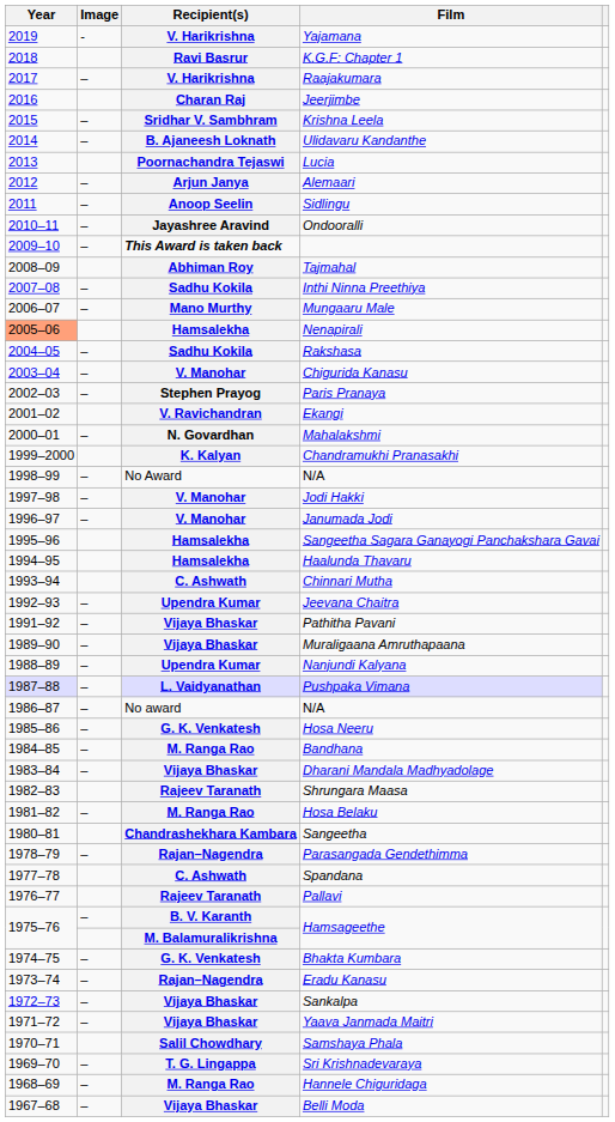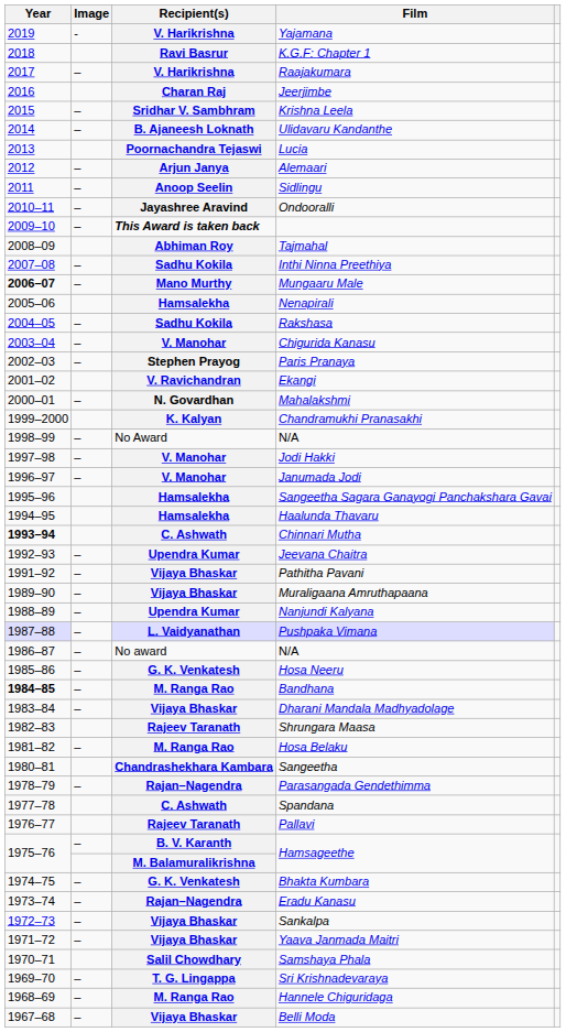 <table class="wikitable sortable">
 <tr>
 <th>Year</th>
 <th>Image</th>
 <th>Recipient(s)</th>
 <th>Film</th>
 <th class="unsortable"></th>
 </tr>
 <tr>
 <td><a href='#'>2019</a></td>
 <td>-</td>
 <th><a href='#'>V. Harikrishna</a></th>
 <td><em><a href='#'>Yajamana</a></em></td>
 <td></td>
 </tr>
 <tr>
 <td><a href='#'>2018</a></td>
 <td></td>
 <th><a href='#'>Ravi Basrur</a></th>
 <td><em><a href='#'>K.G.F: Chapter 1</a></em></td>
 <td style="text-align:center;"></td>
 </tr>
 <tr>
 <td><a href='#'>2017</a></td>
 <td>–</td>
 <th><a href='#'>V. Harikrishna</a></th>
 <td><em><a href='#'>Raajakumara</a></em></td>
 <td style="text-align:center;"></td>
 </tr>
 <tr>
 <td><a href='#'>2016</a></td>
 <td></td>
 <th><a href='#'>Charan Raj</a></th>
 <td><em><a href='#'>Jeerjimbe</a></em></td>
 <td style="text-align:center;"></td>
 </tr>
 <tr>
 <td><a href='#'>2015</a></td>
 <td>–</td>
 <th><a href='#'>Sridhar V. Sambhram</a></th>
 <td><em><a href='#'>Krishna Leela</a></em></td>
 <td style="text-align:center;"></td>
 </tr>
 <tr>
 <td><a href='#'>2014</a></td>
 <td>–</td>
 <th><a href='#'>B. Ajaneesh Loknath</a></th>
 <td><em><a href='#'>Ulidavaru Kandanthe</a></em></td>
 <td style="text-align:center;"></td>
 </tr>
 <tr>
 <td><a href='#'>2013</a></td>
 <td></td>
 <th><a href='#'>Poornachandra Tejaswi</a></th>
 <td><em><a href='#'>Lucia</a></em></td>
 <td style="text-align:center;"></td>
 </tr>
 <tr>
 <td><a href='#'>2012</a></td>
 <td>–</td>
 <th><a href='#'>Arjun Janya</a></th>
 <td><em><a href='#'>Alemaari</a></em></td>
 <td></td>
 </tr>
 <tr>
 <td><a href='#'>2011</a></td>
 <td>–</td>
 <th><a href='#'>Anoop Seelin</a></th>
 <td><em><a href='#'>Sidlingu</a></em></td>
 <td></td>
 </tr>
 <tr>
 <td><a href='#'>2010–11</a></td>
 <td>–</td>
 <th>Jayashree Aravind</th>
 <td><em>Ondooralli</em></td>
 <td></td>
 </tr>
 <tr>
 <td><a href='#'>2009–10</a></td>
 <td>–</td>
 <td><strong><em>This Award is taken back</em></strong></td>
 <td></td>
 <td></td>
 </tr>
 <tr>
 <td>2008–09</td>
 <td></td>
 <th><a href='#'>Abhiman Roy</a></th>
 <td><em><a href='#'>Tajmahal</a></em></td>
 <td></td>
 </tr>
 <tr>
 <td><a href='#'>2007–08</a></td>
 <td>–</td>
 <th><a href='#'>Sadhu Kokila</a></th>
 <td><em><a href='#'>Inthi Ninna Preethiya</a></em></td>
 <td></td>
 </tr>
 <tr>
-<td>2006–07</td>
+<td><strong>2006–07</strong></td>
 <td>–</td>
 <th><a href='#'>Mano Murthy</a></th>
 <td><em><a href='#'>Mungaaru Male</a></em></td>
 <td></td>
 </tr>
 <tr>
-<td style="background: lightsalmon;">2005–06</td>
+<td>2005–06</td>
 <td></td>
 <th><a href='#'>Hamsalekha</a></th>
 <td><em><a href='#'>Nenapirali</a></em></td>
 <td></td>
 </tr>
 <tr>
 <td><a href='#'>2004–05</a></td>
 <td>–</td>
 <th><a href='#'>Sadhu Kokila</a></th>
 <td><em><a href='#'>Rakshasa</a></em></td>
 <td></td>
 </tr>
 <tr>
 <td><a href='#'>2003–04</a></td>
 <td>–</td>
 <th><a href='#'>V. Manohar</a></th>
 <td><em><a href='#'>Chigurida Kanasu</a></em></td>
 <td></td>
 </tr>
 <tr>
 <td>2002–03</td>
 <td>–</td>
 <th>Stephen Prayog</th>
 <td><em><a href='#'>Paris Pranaya</a></em></td>
 <td></td>
 </tr>
 <tr>
 <td>2001–02</td>
 <td></td>
 <th><a href='#'>V. Ravichandran</a></th>
 <td><em><a href='#'>Ekangi</a></em></td>
 <td></td>
 </tr>
 <tr>
 <td>2000–01</td>
 <td>–</td>
 <th>N. Govardhan</th>
 <td><em><a href='#'>Mahalakshmi</a></em></td>
 <td></td>
 </tr>
 <tr>
 <td>1999–2000</td>
 <td></td>
 <th><a href='#'>K. Kalyan</a></th>
 <td><em><a href='#'>Chandramukhi Pranasakhi</a></em></td>
 <td></td>
 </tr>
 <tr>
 <td>1998–99</td>
 <td>–</td>
 <td>No Award</td>
 <td>N/A</td>
 <td></td>
 </tr>
 <tr>
 <td>1997–98</td>
 <td>–</td>
 <th><a href='#'>V. Manohar</a></th>
 <td><em><a href='#'>Jodi Hakki</a></em></td>
 <td></td>
 </tr>
 <tr>
 <td>1996–97</td>
 <td>–</td>
 <th><a href='#'>V. Manohar</a></th>
 <td><em><a href='#'>Janumada Jodi</a></em></td>
 <td></td>
 </tr>
 <tr>
 <td>1995–96</td>
 <td></td>
 <th><a href='#'>Hamsalekha</a></th>
 <td><em><a href='#'>Sangeetha Sagara Ganayogi Panchakshara Gavai</a></em></td>
 <td></td>
 </tr>
 <tr>
 <td>1994–95</td>
 <td></td>
 <th><a href='#'>Hamsalekha</a></th>
 <td><em><a href='#'>Haalunda Thavaru</a></em></td>
 <td></td>
 </tr>
 <tr>
-<td>1993–94</td>
+<td><strong>1993–94</strong></td>
 <td></td>
 <th><a href='#'>C. Ashwath</a></th>
 <td><em><a href='#'>Chinnari Mutha</a></em></td>
 <td></td>
 </tr>
 <tr>
 <td>1992–93</td>
 <td>–</td>
 <th><a href='#'>Upendra Kumar</a></th>
 <td><em><a href='#'>Jeevana Chaitra</a></em></td>
 <td></td>
 </tr>
 <tr>
 <td>1991–92</td>
 <td>–</td>
 <th><a href='#'>Vijaya Bhaskar</a></th>
 <td><em>Pathitha Pavani</em></td>
 <td></td>
 </tr>
 <tr>
 <td>1989–90</td>
 <td>–</td>
 <th><a href='#'>Vijaya Bhaskar</a></th>
 <td><em>Muraligaana Amruthapaana</em></td>
 <td></td>
 </tr>
 <tr>
 <td>1988–89</td>
 <td>–</td>
 <th><a href='#'>Upendra Kumar</a></th>
 <td><em><a href='#'>Nanjundi Kalyana</a></em></td>
 <td></td>
 </tr>
 <tr>
 <td style="background:#ddf;">1987–88</td>
 <td>–</td>
 <th style="background:#ddf;"><a href='#'>L. Vaidyanathan</a></th>
 <td style="background:#ddf;"><em><a href='#'>Pushpaka Vimana</a></em></td>
 <td></td>
 </tr>
 <tr>
 <td>1986–87</td>
 <td>–</td>
 <td>No award</td>
 <td>N/A</td>
 <td></td>
 </tr>
 <tr>
 <td>1985–86</td>
 <td>–</td>
 <th><a href='#'>G. K. Venkatesh</a></th>
 <td><em><a href='#'>Hosa Neeru</a></em></td>
 <td></td>
 </tr>
 <tr>
-<td>1984–85</td>
+<td><strong>1984–85</strong></td>
 <td>–</td>
 <th><a href='#'>M. Ranga Rao</a></th>
 <td><em><a href='#'>Bandhana</a></em></td>
 <td></td>
 </tr>
 <tr>
 <td>1983–84</td>
 <td>–</td>
 <th><a href='#'>Vijaya Bhaskar</a></th>
 <td><em><a href='#'>Dharani Mandala Madhyadolage</a></em></td>
 <td></td>
 </tr>
 <tr>
 <td>1982–83</td>
 <td></td>
 <th><a href='#'>Rajeev Taranath</a></th>
 <td><em>Shrungara Maasa</em></td>
 <td></td>
 </tr>
 <tr>
 <td>1981–82</td>
 <td>–</td>
 <th><a href='#'>M. Ranga Rao</a></th>
 <td><em><a href='#'>Hosa Belaku</a></em></td>
 <td></td>
 </tr>
 <tr>
 <td>1980–81</td>
 <td></td>
 <th><a href='#'>Chandrashekhara Kambara</a></th>
 <td><em>Sangeetha</em></td>
 <td></td>
 </tr>
 <tr>
 <td>1978–79</td>
 <td>–</td>
 <th><a href='#'>Rajan–Nagendra</a></th>
 <td><em><a href='#'>Parasangada Gendethimma</a></em></td>
 <td></td>
 </tr>
 <tr>
 <td>1977–78</td>
 <td></td>
 <th><a href='#'>C. Ashwath</a></th>
 <td><em>Spandana</em></td>
 <td></td>
 </tr>
 <tr>
 <td>1976–77</td>
 <td></td>
 <th><a href='#'>Rajeev Taranath</a></th>
 <td><em><a href='#'>Pallavi</a></em></td>
 <td></td>
 </tr>
 <tr>
 <td rowspan="2">1975–76</td>
 <td>–</td>
 <th><a href='#'>B. V. Karanth</a></th>
 <td rowspan="2"><em><a href='#'>Hamsageethe</a></em></td>
 <td rowspan="2"></td>
 </tr>
 <tr>
 <td></td>
 <th><a href='#'>M. Balamuralikrishna</a></th>
 </tr>
 <tr>
 <td>1974–75</td>
 <td>–</td>
 <th><a href='#'>G. K. Venkatesh</a></th>
 <td><em><a href='#'>Bhakta Kumbara</a></em></td>
 <td></td>
 </tr>
 <tr>
 <td>1973–74</td>
 <td>–</td>
 <th><a href='#'>Rajan–Nagendra</a></th>
 <td><em><a href='#'>Eradu Kanasu</a></em></td>
 <td></td>
 </tr>
 <tr>
 <td><a href='#'>1972–73</a></td>
 <td>–</td>
 <th><a href='#'>Vijaya Bhaskar</a></th>
 <td><em>Sankalpa</em></td>
 <td></td>
 </tr>
 <tr>
 <td>1971–72</td>
 <td>–</td>
 <th><a href='#'>Vijaya Bhaskar</a></th>
 <td><em><a href='#'>Yaava Janmada Maitri</a></em></td>
 <td></td>
 </tr>
 <tr>
 <td>1970–71</td>
 <td></td>
 <th><a href='#'>Salil Chowdhary</a></th>
 <td><em><a href='#'>Samshaya Phala</a></em></td>
 <td></td>
 </tr>
 <tr>
 <td>1969–70</td>
 <td>–</td>
 <th><a href='#'>T. G. Lingappa</a></th>
 <td><em><a href='#'>Sri Krishnadevaraya</a></em></td>
 <td></td>
 </tr>
 <tr>
 <td>1968–69</td>
 <td>–</td>
 <th><a href='#'>M. Ranga Rao</a></th>
 <td><em><a href='#'>Hannele Chiguridaga</a></em></td>
 <td></td>
 </tr>
 <tr>
 <td>1967–68</td>
 <td>–</td>
 <th><a href='#'>Vijaya Bhaskar</a></th>
 <td><em><a href='#'>Belli Moda</a></em></td>
 <td></td>
 </tr>
 </table>
